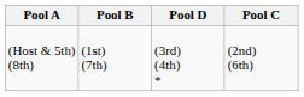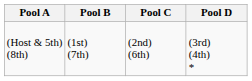 <table class="wikitable">
 <tr>
 <th width=25%>Pool A</th>
 <th width=25%>Pool B</th>
+<th width=25%>Pool C</th>
 <th width=25%>Pool D</th>
-<th width=25%>Pool C</th>
 </tr>
 <tr>
 <td valign=top><br> (Host & 5th)<br>  (8th)<br> </td>
 <td valign=top><br> (1st)<br>  (7th)<br>  <br></td>
+<td valign=top><br> (2nd)<br>  (6th)<br>  <br> </td>
 <td valign=top><br> (3rd)<br>  (4th)<br> <s>  </s> *<br> </td>
-<td valign=top><br> (2nd)<br>  (6th)<br>  <br> </td>
 </tr>
 </table>
